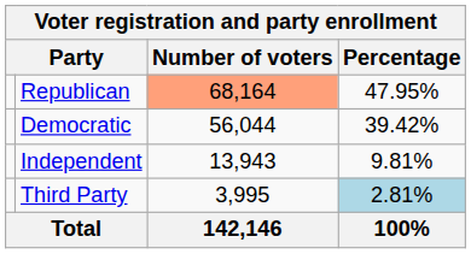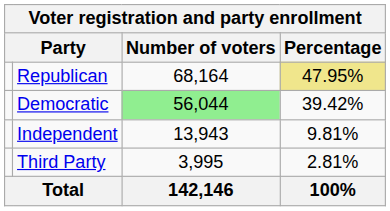 <table class="wikitable float">
 <tr>
 <th colspan = 6>Voter registration and party enrollment</th>
 </tr>
 <tr>
 <th colspan = 2>Party</th>
 <th>Number of voters</th>
 <th>Percentage</th>
 </tr>
 <tr>
 <td></td>
 <td><a href='#'>Republican</a></td>
-<td style="background: lightsalmon; text-align:center;">68,164</td>
-<td style="text-align:center;">47.95%</td>
+<td style="text-align:center;">68,164</td>
+<td style="background: khaki; text-align:center;">47.95%</td>
 </tr>
 <tr>
 <td></td>
 <td><a href='#'>Democratic</a></td>
-<td style="text-align:center;">56,044</td>
+<td style="background: lightgreen; text-align:center;">56,044</td>
 <td style="text-align:center;">39.42%</td>
 </tr>
 <tr>
 <td></td>
 <td><a href='#'>Independent</a></td>
 <td style="text-align:center;">13,943</td>
 <td style="text-align:center;">9.81%</td>
 </tr>
 <tr>
 <td></td>
 <td><a href='#'>Third Party</a></td>
 <td style="text-align:center;">3,995</td>
-<td style="background: lightblue; text-align:center;">2.81%</td>
+<td style="text-align:center;">2.81%</td>
 </tr>
 <tr>
 <th colspan="2">Total</th>
 <th style="text-align:center;">142,146</th>
 <th style="text-align:center;">100%</th>
 </tr>
 </table>
